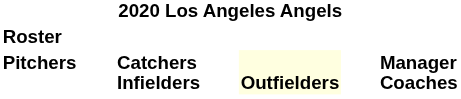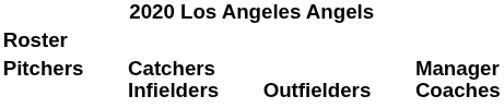 <table class="toccolours" style="font-size: 95%;">
 <tr>
 <th colspan="10">2020 Los Angeles Angels</th>
 </tr>
 <tr>
 <td colspan="10"><strong>Roster</strong></td>
 </tr>
 <tr>
 <td valign="top"><strong>Pitchers</strong><br>                       </td>
 <td width="25px"></td>
 <td valign="top"><strong>Catchers</strong><br>    <strong>Infielders</strong>           </td>
 <td width="25px"></td>
-<td valign="top" style="background: lightyellow;"><br><strong>Outfielders</strong>      </td>
+<td valign="top"><br><strong>Outfielders</strong>      </td>
 <td width="25px"></td>
 <td valign="top"><strong>Manager</strong><br> <strong>Coaches</strong>                        </td>
 </tr>
 </table>
